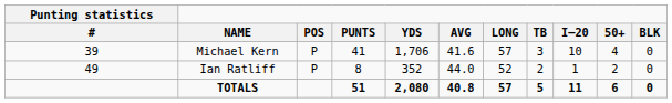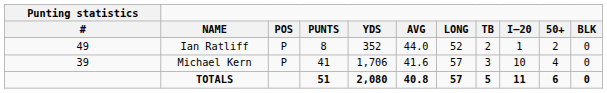 <table style="width:60%; text-align:center;" class="wikitable collapsible collapsed">
 <tr>
 <th style="text-align:center; ">Punting statistics</th>
 </tr>
 <tr>
 <th>#</th>
 <th>NAME</th>
 <th>POS</th>
 <th>PUNTS</th>
 <th>YDS</th>
 <th>AVG</th>
 <th>LONG</th>
 <th>TB</th>
 <th>I–20</th>
 <th>50+</th>
 <th>BLK</th>
 </tr>
 <tr style="text-align:center">
+<td>49</td>
+<td>Ian Ratliff</td>
+<td>P</td>
+<td>8</td>
+<td>352</td>
+<td>44.0</td>
+<td>52</td>
+<td>2</td>
+<td>1</td>
+<td>2</td>
+<td>0</td>
+</tr>
+<tr style="text-align:center">
 <td>39</td>
 <td>Michael Kern</td>
 <td>P</td>
 <td>41</td>
 <td>1,706</td>
 <td>41.6</td>
 <td>57</td>
 <td>3</td>
 <td>10</td>
 <td>4</td>
-<td>0</td>
-</tr>
-<tr style="text-align:center">
-<td>49</td>
-<td>Ian Ratliff</td>
-<td>P</td>
-<td>8</td>
-<td>352</td>
-<td>44.0</td>
-<td>52</td>
-<td>2</td>
-<td>1</td>
-<td>2</td>
 <td>0</td>
 </tr>
 <tr style="text-align:center">
 <td></td>
 <td><strong>TOTALS</strong></td>
 <td></td>
 <td><strong>51</strong></td>
 <td><strong>2,080</strong></td>
 <td><strong>40.8</strong></td>
 <td><strong>57</strong></td>
 <td><strong>5</strong></td>
 <td><strong>11</strong></td>
 <td><strong>6</strong></td>
 <td><strong>0</strong></td>
 </tr>
 </table>
